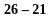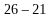 <table style="text-align:center">
 <tr>
 <th width=200></th>
 <th width=100></th>
 <th width=200></th>
 </tr>
 <tr>
 <td align=right><strong></strong></td>
-<td><strong>26 – 21</strong></td>
+<td>26 – 21</td>
 <td align=left></td>
 </tr>
 </table>
